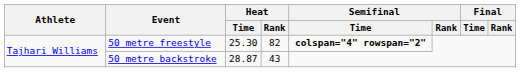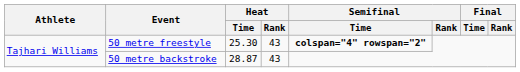 <table class="wikitable" style="text-align:center; font-size:90%; width:50%;">
 <tr>
 <th rowspan="2">Athlete</th>
 <th rowspan="2">Event</th>
 <th colspan="2">Heat</th>
 <th colspan="2">Semifinal</th>
 <th colspan="2">Final</th>
 </tr>
 <tr style="font-size:95%">
 <th>Time</th>
 <th>Rank</th>
 <th>Time</th>
 <th>Rank</th>
 <th>Time</th>
 <th>Rank</th>
 </tr>
 <tr align=center>
 <td align=left rowspan="2"><a href='#'>Tajhari Williams</a></td>
 <td align=left><a href='#'>50 metre freestyle</a></td>
 <td>25.30</td>
-<td>82</td>
+<td>43</td>
 <td><strong>colspan="4" rowspan="2"</strong></td>
 </tr>
 <tr align=center>
 <td align=left><a href='#'>50 metre backstroke</a></td>
 <td>28.87</td>
 <td>43</td>
 </tr>
 </table>
